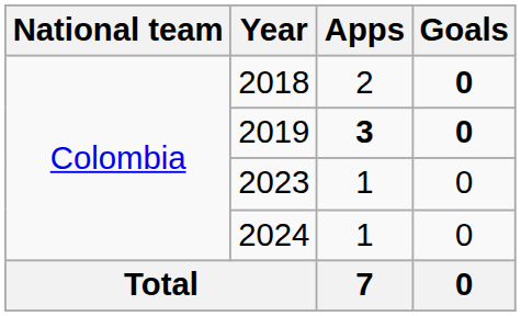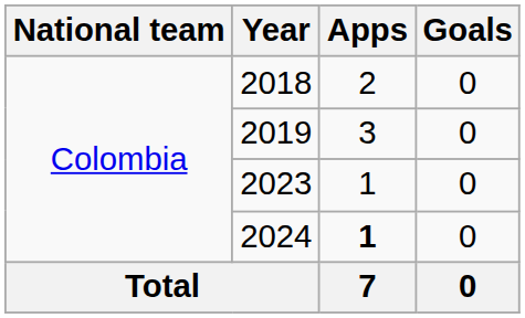 <table class=wikitable style=text-align:center>
 <tr>
 <th>National team</th>
 <th>Year</th>
 <th>Apps</th>
 <th>Goals</th>
 </tr>
 <tr>
 <td rowspan="4"><a href='#'>Colombia</a></td>
 <td>2018</td>
 <td>2</td>
-<td><strong>0</strong></td>
+<td>0</td>
 </tr>
 <tr>
 <td>2019</td>
-<td><strong>3</strong></td>
-<td><strong>0</strong></td>
+<td>3</td>
+<td>0</td>
 </tr>
 <tr>
 <td>2023</td>
 <td>1</td>
 <td>0</td>
 </tr>
 <tr>
 <td>2024</td>
-<td>1</td>
+<td><strong>1</strong></td>
 <td>0</td>
 </tr>
 <tr>
 <th colspan=2>Total</th>
 <th>7</th>
 <th>0</th>
 </tr>
 </table>
